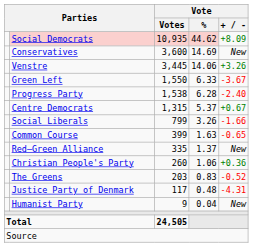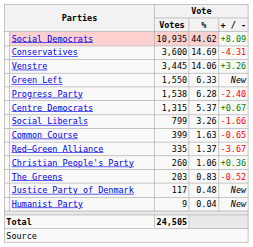 <table class="wikitable" style="text-align:right;">
 <tr>
 <th style="text-align:centre;" rowspan="2" colspan="2" width="225">Parties</th>
 <th colspan="3">Vote</th>
 </tr>
 <tr>
 <th width="15">Votes</th>
 <th width="15">%</th>
 <th width="15">+ / -</th>
 </tr>
 <tr>
 <td width="2" style="color:inherit;background:"></td>
 <td bgcolor=#fbd0ce  align="left"><a href='#'>Social Democrats</a></td>
 <td bgcolor=#fbd0ce>10,935</td>
 <td bgcolor=#fbd0ce>44.62</td>
 <td style=color:green;>+8.09</td>
 </tr>
 <tr>
 <td width="2" style="color:inherit;background:"></td>
 <td align="left"><a href='#'>Conservatives</a></td>
 <td>3,600</td>
 <td>14.69</td>
-<td><em>New</em></td>
+<td style=color:red;>-4.31</td>
 </tr>
 <tr>
 <td width="2" style="color:inherit;background:"></td>
 <td align="left"><a href='#'>Venstre</a></td>
 <td>3,445</td>
 <td>14.06</td>
 <td style=color:green;>+3.26</td>
 </tr>
 <tr>
 <td width="2" style="color:inherit;background:"></td>
 <td align="left"><a href='#'>Green Left</a></td>
 <td>1,550</td>
 <td>6.33</td>
-<td style=color:red;>-3.67</td>
+<td><em>New</em></td>
 </tr>
 <tr>
 <td width="2" style="color:inherit;background:"></td>
 <td align="left"><a href='#'>Progress Party</a></td>
 <td>1,538</td>
 <td>6.28</td>
 <td style=color:red;>-2.40</td>
 </tr>
 <tr>
 <td width="2" style="color:inherit;background:"></td>
 <td align="left"><a href='#'>Centre Democrats</a></td>
 <td>1,315</td>
 <td>5.37</td>
 <td style=color:green;>+0.67</td>
 </tr>
 <tr>
 <td width="2" style="color:inherit;background:"></td>
 <td align="left"><a href='#'>Social Liberals</a></td>
 <td>799</td>
 <td>3.26</td>
 <td style=color:red;>-1.66</td>
 </tr>
 <tr>
 <td width="2" style="color:inherit;background:"></td>
 <td align="left"><a href='#'>Common Course</a></td>
 <td>399</td>
 <td>1.63</td>
 <td style=color:red;>-0.65</td>
 </tr>
 <tr>
 <td width="2" style="color:inherit;background:"></td>
 <td align="left"><a href='#'>Red–Green Alliance</a></td>
 <td>335</td>
 <td>1.37</td>
-<td><em>New</em></td>
+<td style=color:red;>-3.67</td>
 </tr>
 <tr>
 <td width="2" style="color:inherit;background:"></td>
 <td align="left"><a href='#'>Christian People's Party</a></td>
 <td>260</td>
 <td>1.06</td>
 <td style=color:green;>+0.36</td>
 </tr>
 <tr>
 <td width="2" style="color:inherit;background:"></td>
 <td align="left"><a href='#'>The Greens</a></td>
 <td>203</td>
 <td>0.83</td>
 <td style=color:red;>-0.52</td>
 </tr>
 <tr>
 <td width="2" style="color:inherit;background:"></td>
 <td align="left"><a href='#'>Justice Party of Denmark</a></td>
 <td>117</td>
 <td>0.48</td>
-<td style=color:red;>-4.31</td>
+<td><em>New</em></td>
 </tr>
 <tr>
 <td width="2" style="color:inherit;background:"></td>
 <td align="left"><a href='#'>Humanist Party</a></td>
 <td>9</td>
 <td>0.04</td>
 <td><em>New</em></td>
 </tr>
 <tr>
 <td colspan="7" bgcolor="#E9E9E9"></td>
 </tr>
 <tr>
 <td align="left" colspan="2"><strong>Total</strong></td>
 <td><strong>24,505</strong></td>
 <td bgcolor="#E9E9E9" colspan="2"></td>
 </tr>
 <tr>
 <td align="left" colspan="6">Source</td>
 </tr>
 </table>
